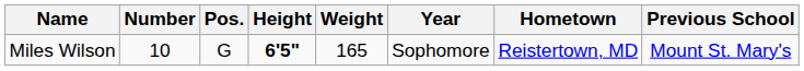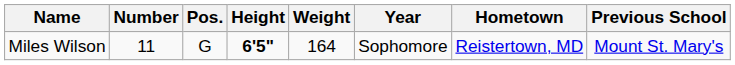 <table class="wikitable sortable" border="1" style="text-align:center;">
 <tr align=center>
 <th>Name</th>
 <th>Number</th>
 <th>Pos.</th>
 <th>Height</th>
 <th>Weight</th>
 <th>Year</th>
 <th>Hometown</th>
 <th>Previous School</th>
 </tr>
 <tr>
 <td>Miles Wilson</td>
-<td>10</td>
+<td>11</td>
 <td>G</td>
 <td><strong>6'5"</strong></td>
-<td>165</td>
+<td>164</td>
 <td>Sophomore</td>
 <td><a href='#'>Reistertown, MD</a></td>
 <td><a href='#'>Mount St. Mary's</a></td>
 </tr>
 </table>
